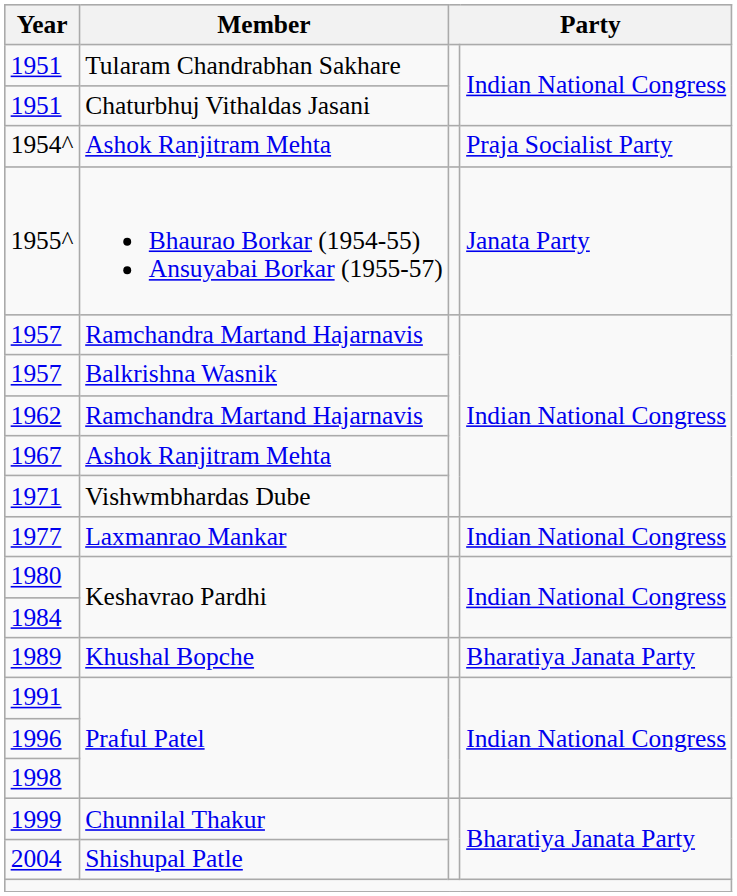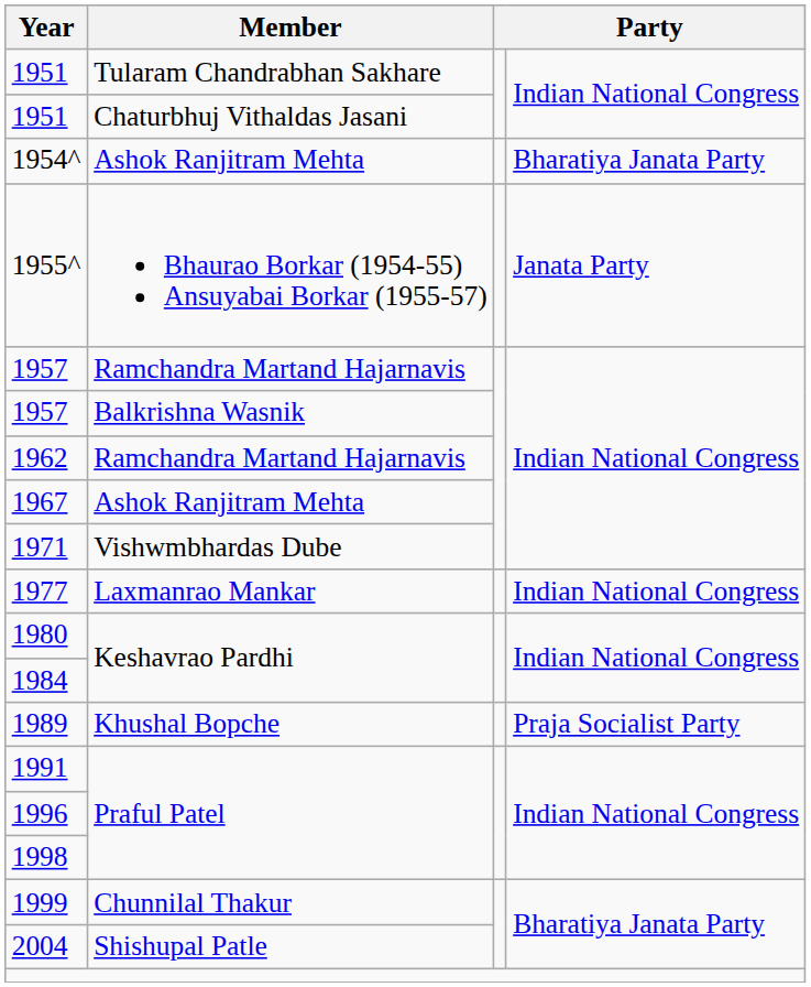 <table class="wikitable">
 <tr>
 <th>Year</th>
 <th>Member</th>
 <th colspan="2">Party</th>
 </tr>
 <tr>
 <td><a href='#'>1951</a></td>
 <td>Tularam Chandrabhan Sakhare</td>
 <td rowspan="2" style="background-color: "></td>
 <td rowspan="2"><a href='#'>Indian National Congress</a></td>
 </tr>
 <tr>
 <td><a href='#'>1951</a></td>
 <td>Chaturbhuj Vithaldas Jasani</td>
 </tr>
 <tr>
 <td>1954^</td>
 <td><a href='#'>Ashok Ranjitram Mehta</a></td>
 <td style="background-color: "></td>
-<td><a href='#'>Praja Socialist Party</a></td>
+<td><a href='#'>Bharatiya Janata Party</a></td>
 </tr>
 <tr>
 <td>1955^</td>
 <td><br><ul><li><a href='#'>Bhaurao Borkar</a> (1954-55)</li><li><a href='#'>Ansuyabai Borkar</a> (1955-57)</li></ul></td>
 <td></td>
 <td><a href='#'>Janata Party</a></td>
 </tr>
 <tr>
 <td><a href='#'>1957</a></td>
 <td><a href='#'>Ramchandra Martand Hajarnavis</a></td>
 <td rowspan="5" style="background-color: "></td>
 <td rowspan="5"><a href='#'>Indian National Congress</a></td>
 </tr>
 <tr>
 <td><a href='#'>1957</a></td>
 <td><a href='#'>Balkrishna Wasnik</a></td>
 </tr>
 <tr>
 <td><a href='#'>1962</a></td>
 <td><a href='#'>Ramchandra Martand Hajarnavis</a></td>
 </tr>
 <tr>
 <td><a href='#'>1967</a></td>
 <td><a href='#'>Ashok Ranjitram Mehta</a></td>
 </tr>
 <tr>
 <td><a href='#'>1971</a></td>
 <td>Vishwmbhardas Dube</td>
 </tr>
 <tr>
 <td><a href='#'>1977</a></td>
 <td><a href='#'>Laxmanrao Mankar</a></td>
 <td style="background-color: "></td>
 <td><a href='#'>Indian National Congress</a></td>
 </tr>
 <tr>
 <td><a href='#'>1980</a></td>
 <td rowspan="2">Keshavrao Pardhi</td>
 <td rowspan="2" style="background-color: "></td>
 <td rowspan="2"><a href='#'>Indian National Congress</a></td>
 </tr>
 <tr>
 <td><a href='#'>1984</a></td>
 </tr>
 <tr>
 <td><a href='#'>1989</a></td>
 <td><a href='#'>Khushal Bopche</a></td>
 <td style="background-color: "></td>
-<td><a href='#'>Bharatiya Janata Party</a></td>
+<td><a href='#'>Praja Socialist Party</a></td>
 </tr>
 <tr>
 <td><a href='#'>1991</a></td>
 <td rowspan="3"><a href='#'>Praful Patel</a></td>
 <td rowspan="3" style="background-color: "></td>
 <td rowspan="3"><a href='#'>Indian National Congress</a></td>
 </tr>
 <tr>
 <td><a href='#'>1996</a></td>
 </tr>
 <tr>
 <td><a href='#'>1998</a></td>
 </tr>
 <tr>
 <td><a href='#'>1999</a></td>
 <td><a href='#'>Chunnilal Thakur</a></td>
 <td rowspan="2" style="background-color: "></td>
 <td rowspan="2"><a href='#'>Bharatiya Janata Party</a></td>
 </tr>
 <tr>
 <td><a href='#'>2004</a></td>
 <td><a href='#'>Shishupal Patle</a></td>
 </tr>
 <tr>
 <td colspan="4"></td>
 </tr>
 <tr>
 </tr>
 </table>
